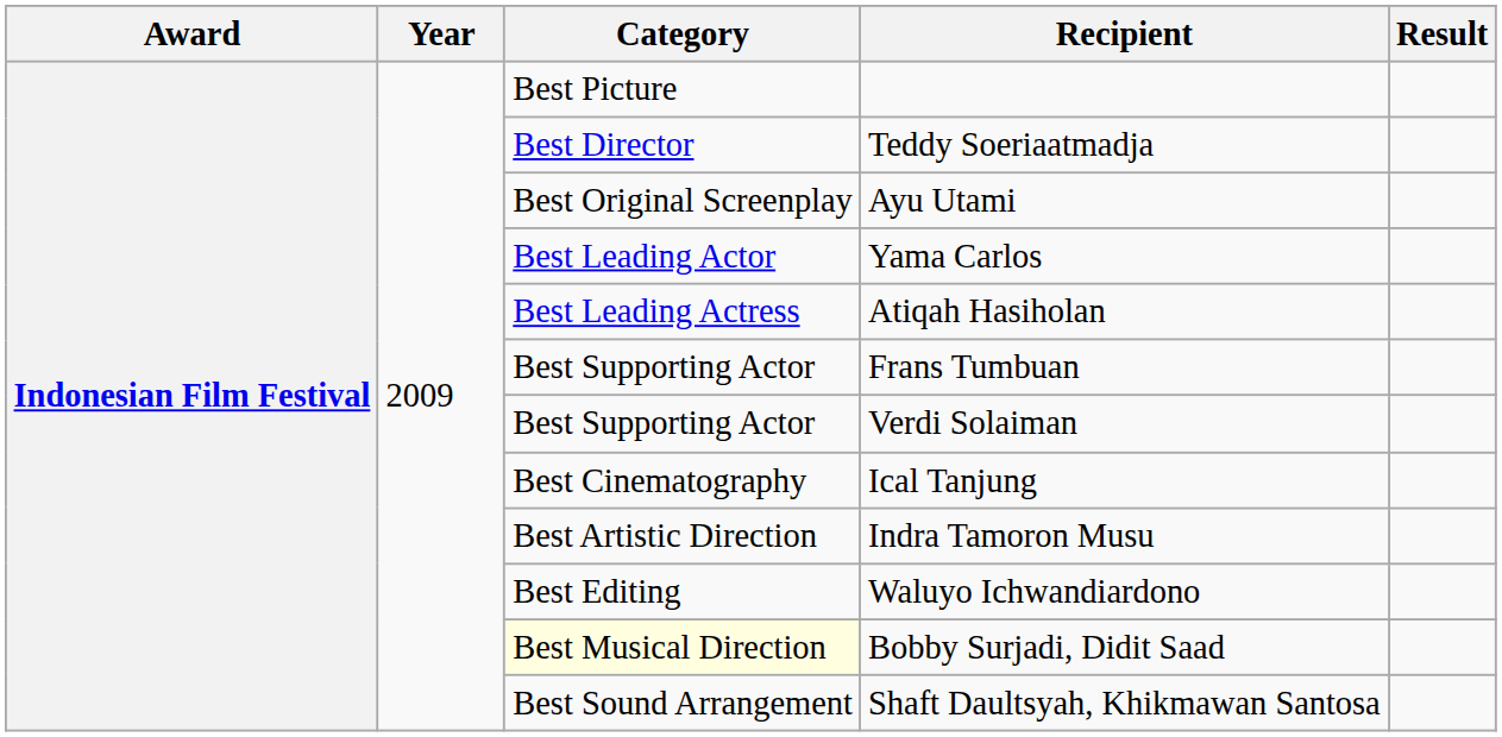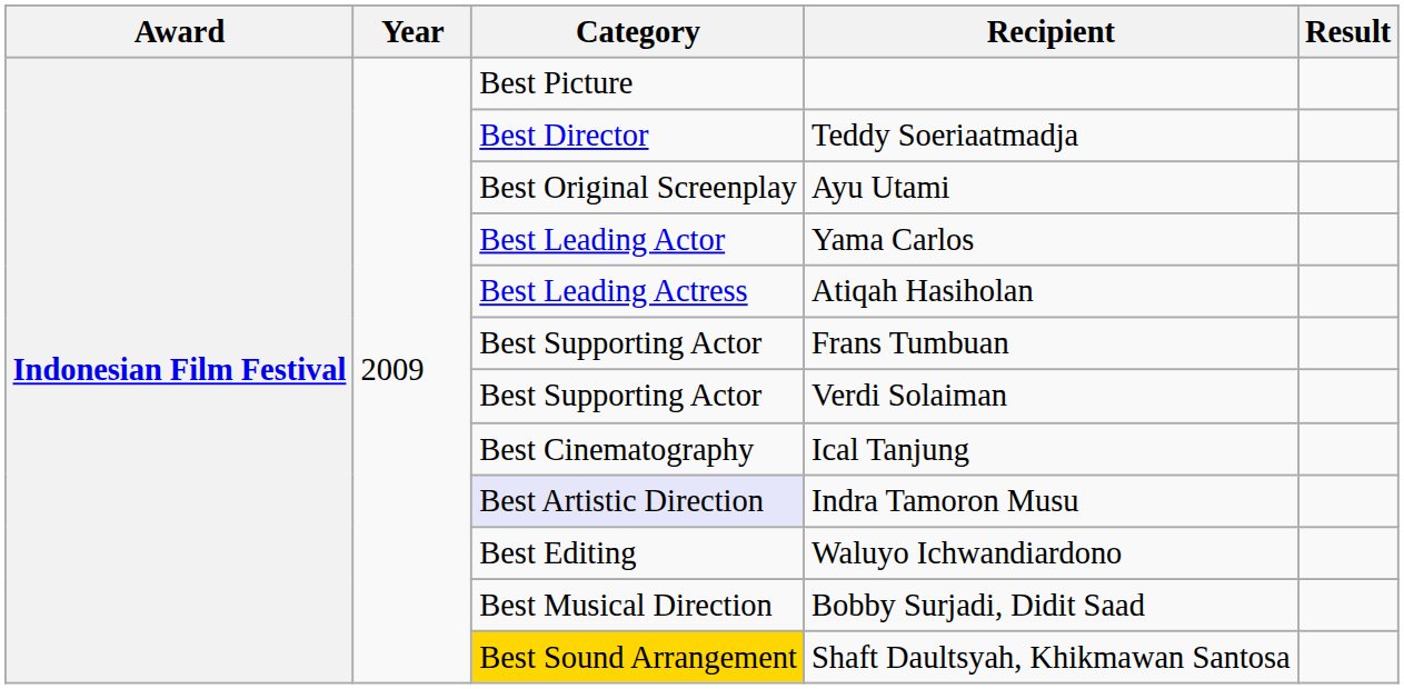 <table class="wikitable plainrowheaders" style="font-size: 95%;">
 <tr>
 <th scope="col">Award</th>
 <th scope="col"; width=50>Year</th>
 <th scope="col">Category</th>
 <th scope="col">Recipient</th>
 <th scope="col">Result</th>
 </tr>
 <tr>
 <th scope="row" rowspan="12"><a href='#'>Indonesian Film Festival</a></th>
 <td rowspan="12">2009</td>
 <td>Best Picture</td>
 <td></td>
 <td></td>
 </tr>
 <tr>
 <td><a href='#'>Best Director</a></td>
 <td>Teddy Soeriaatmadja</td>
 <td></td>
 </tr>
 <tr>
 <td>Best Original Screenplay</td>
 <td>Ayu Utami</td>
 <td></td>
 </tr>
 <tr>
 <td><a href='#'>Best Leading Actor</a></td>
 <td>Yama Carlos</td>
 <td></td>
 </tr>
 <tr>
 <td><a href='#'>Best Leading Actress</a></td>
 <td>Atiqah Hasiholan</td>
 <td></td>
 </tr>
 <tr>
 <td>Best Supporting Actor</td>
 <td>Frans Tumbuan</td>
 <td></td>
 </tr>
 <tr>
 <td>Best Supporting Actor</td>
 <td>Verdi Solaiman</td>
 <td></td>
 </tr>
 <tr>
 <td>Best Cinematography</td>
 <td>Ical Tanjung</td>
 <td></td>
 </tr>
 <tr>
-<td>Best Artistic Direction</td>
+<td style="background: lavender;">Best Artistic Direction</td>
 <td>Indra Tamoron Musu</td>
 <td></td>
 </tr>
 <tr>
 <td>Best Editing</td>
 <td>Waluyo Ichwandiardono</td>
 <td></td>
 </tr>
 <tr>
-<td style="background: lightyellow;">Best Musical Direction</td>
+<td>Best Musical Direction</td>
 <td>Bobby Surjadi, Didit Saad</td>
 <td></td>
 </tr>
 <tr>
-<td>Best Sound Arrangement</td>
+<td style="background: gold;">Best Sound Arrangement</td>
 <td>Shaft Daultsyah, Khikmawan Santosa</td>
 <td></td>
 </tr>
 </table>
